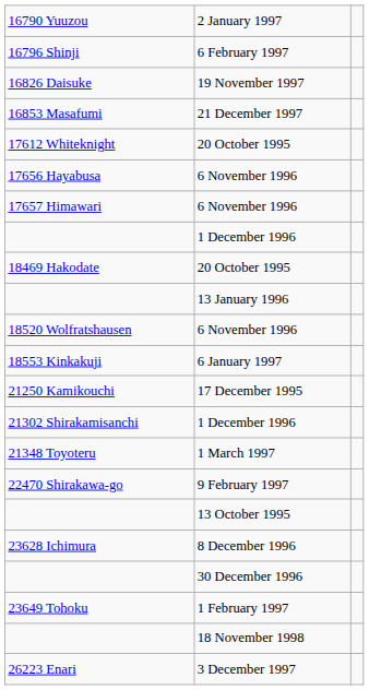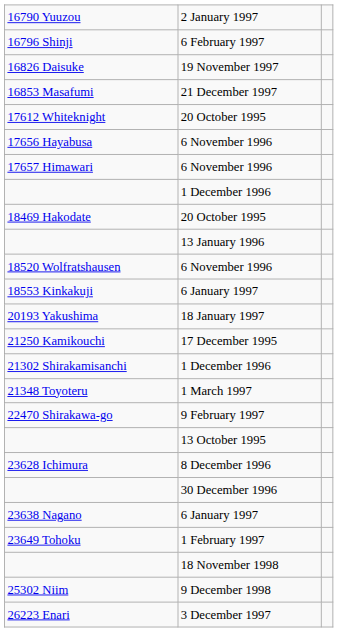 <table class="wikitable" style="font-size: 89%; float: left; width: 26em; margin-right: 1em; height: 700px;">
 <tr>
 <td><a href='#'>16790 Yuuzou</a></td>
 <td>2 January 1997</td>
 <td></td>
 </tr>
 <tr>
 <td><a href='#'>16796 Shinji</a></td>
 <td>6 February 1997</td>
 <td></td>
 </tr>
 <tr>
 <td><a href='#'>16826 Daisuke</a></td>
 <td>19 November 1997</td>
 <td></td>
 </tr>
 <tr>
 <td><a href='#'>16853 Masafumi</a></td>
 <td>21 December 1997</td>
 <td></td>
 </tr>
 <tr>
 <td><a href='#'>17612 Whiteknight</a></td>
 <td>20 October 1995</td>
 <td> </td>
 </tr>
 <tr>
 <td><a href='#'>17656 Hayabusa</a></td>
 <td>6 November 1996</td>
 <td></td>
 </tr>
 <tr>
 <td><a href='#'>17657 Himawari</a></td>
 <td>6 November 1996</td>
 <td></td>
 </tr>
 <tr>
 <td></td>
 <td>1 December 1996</td>
 <td></td>
 </tr>
 <tr>
 <td><a href='#'>18469 Hakodate</a></td>
 <td>20 October 1995</td>
 <td> </td>
 </tr>
 <tr>
 <td></td>
 <td>13 January 1996</td>
 <td> </td>
 </tr>
 <tr>
 <td><a href='#'>18520 Wolfratshausen</a></td>
 <td>6 November 1996</td>
 <td></td>
 </tr>
 <tr>
 <td><a href='#'>18553 Kinkakuji</a></td>
 <td>6 January 1997</td>
 <td></td>
 </tr>
 <tr>
+<td><a href='#'>20193 Yakushima</a></td>
+<td>18 January 1997</td>
+<td></td>
+</tr>
+<tr>
 <td><a href='#'>21250 Kamikouchi</a></td>
 <td>17 December 1995</td>
 <td></td>
 </tr>
 <tr>
 <td><a href='#'>21302 Shirakamisanchi</a></td>
 <td>1 December 1996</td>
 <td></td>
 </tr>
 <tr>
 <td><a href='#'>21348 Toyoteru</a></td>
 <td>1 March 1997</td>
 <td></td>
 </tr>
 <tr>
 <td><a href='#'>22470 Shirakawa-go</a></td>
 <td>9 February 1997</td>
 <td></td>
 </tr>
 <tr>
 <td></td>
 <td>13 October 1995</td>
 <td> </td>
 </tr>
 <tr>
 <td><a href='#'>23628 Ichimura</a></td>
 <td>8 December 1996</td>
 <td></td>
 </tr>
 <tr>
 <td></td>
 <td>30 December 1996</td>
 <td></td>
 </tr>
 <tr>
+<td><a href='#'>23638 Nagano</a></td>
+<td>6 January 1997</td>
+<td></td>
+</tr>
+<tr>
 <td><a href='#'>23649 Tohoku</a></td>
 <td>1 February 1997</td>
 <td></td>
 </tr>
 <tr>
 <td></td>
 <td>18 November 1998</td>
 <td></td>
 </tr>
 <tr>
+<td><a href='#'>25302 Niim</a></td>
+<td>9 December 1998</td>
+<td></td>
+</tr>
+<tr>
 <td><a href='#'>26223 Enari</a></td>
 <td>3 December 1997</td>
 <td></td>
 </tr>
 </table>
